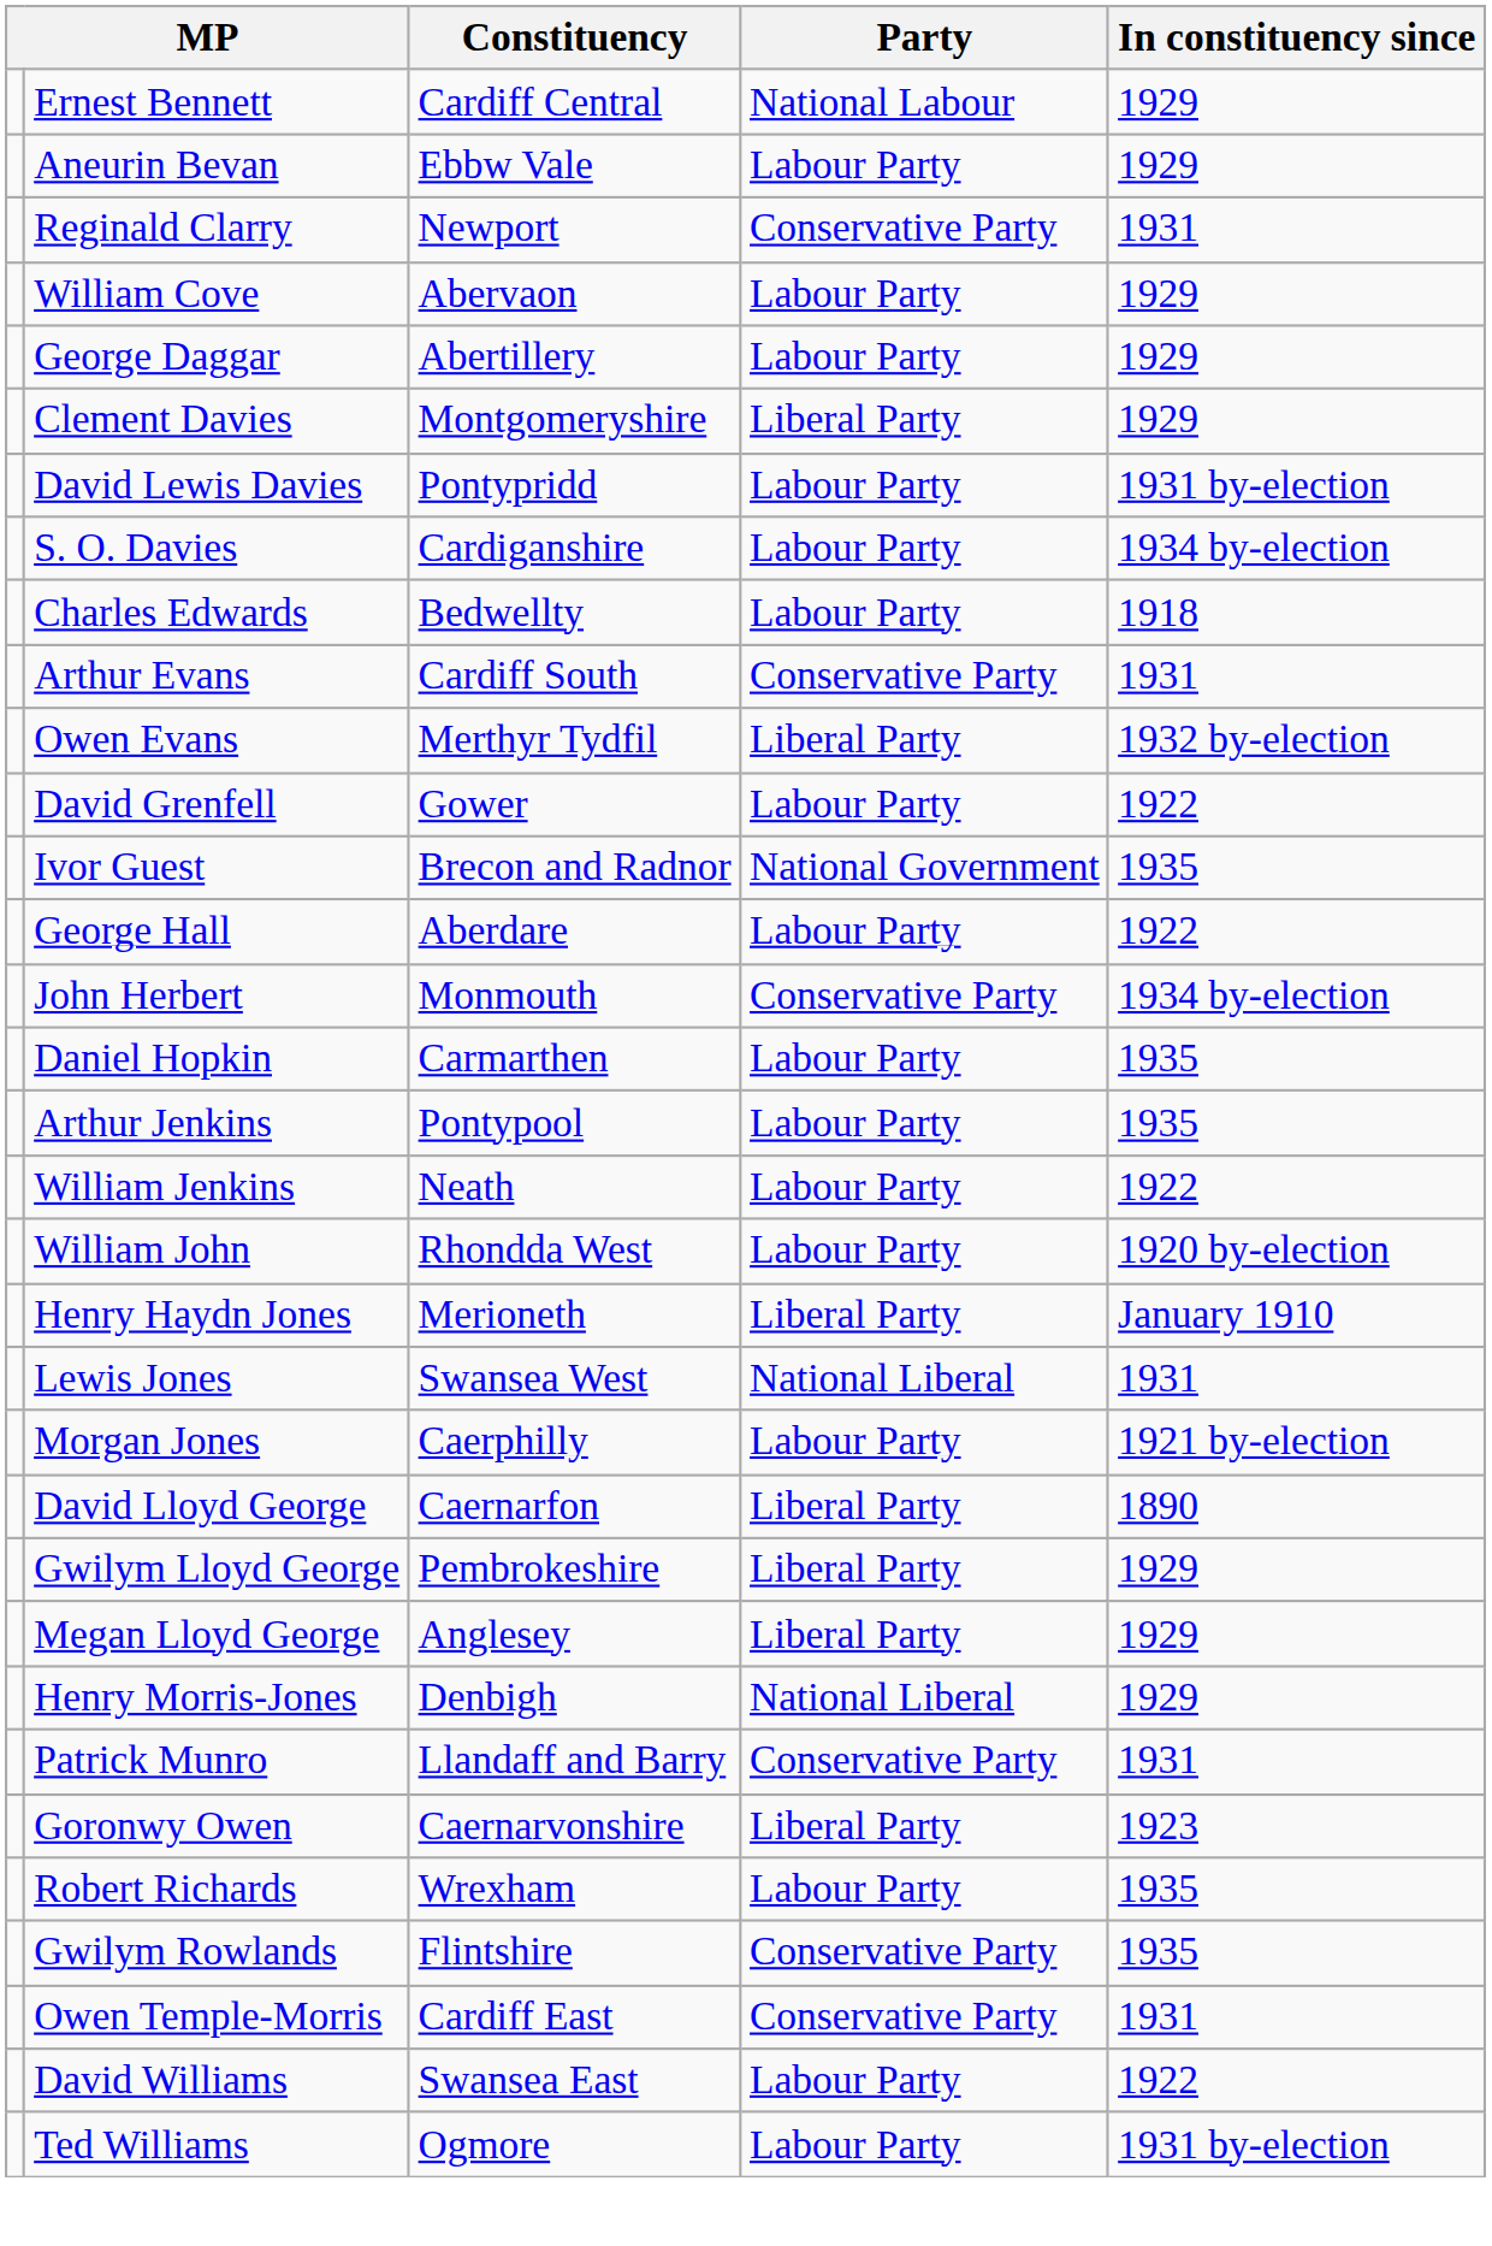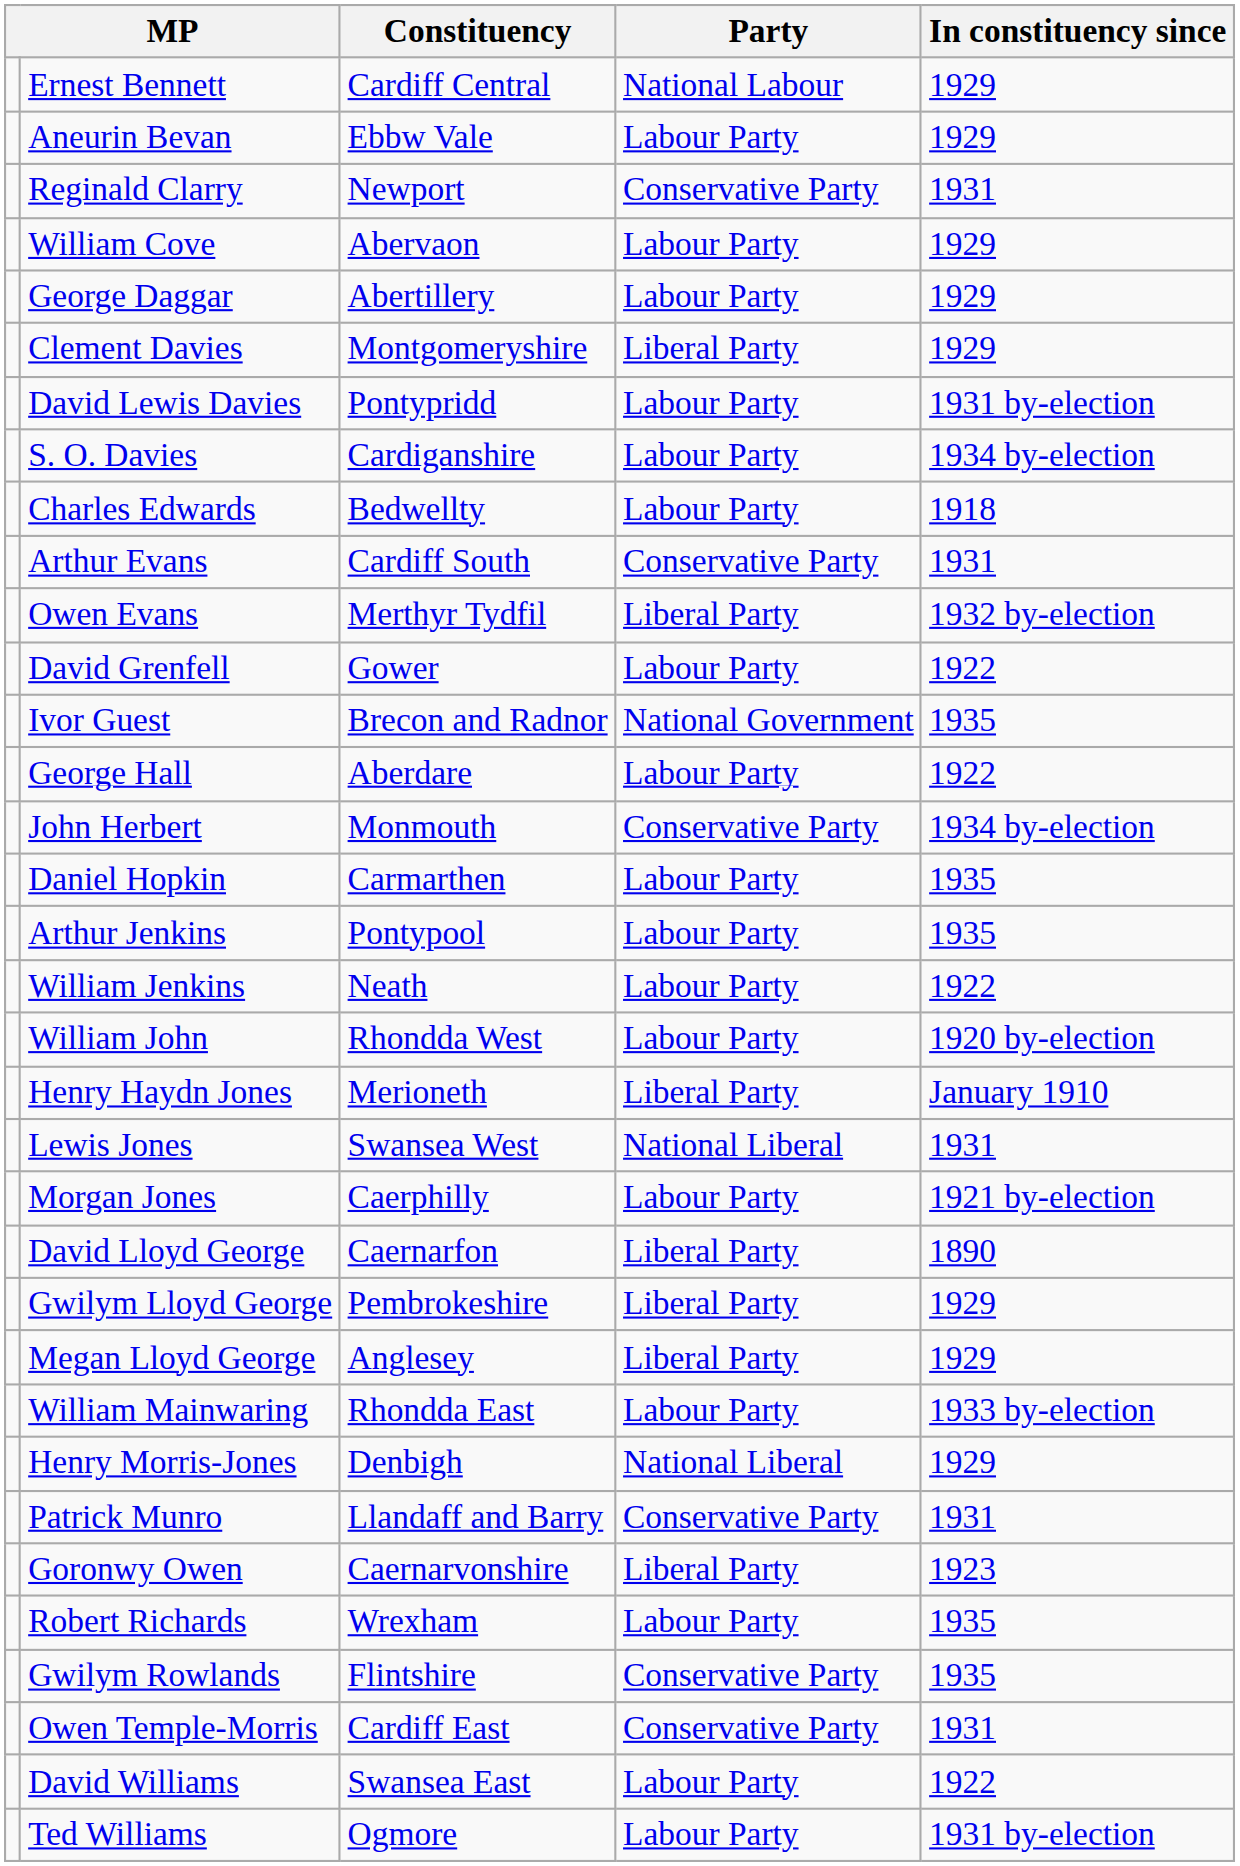 <table class="wikitable sortable">
 <tr>
 <th colspan="2">MP</th>
 <th>Constituency</th>
 <th>Party</th>
 <th>In constituency since</th>
 </tr>
 <tr>
 <td style="color:inherit;background-color: "></td>
 <td><a href='#'>Ernest Bennett</a></td>
 <td><a href='#'>Cardiff Central</a></td>
 <td><a href='#'>National Labour</a></td>
 <td><a href='#'>1929</a></td>
 </tr>
 <tr>
 <td style="color:inherit;background-color: "></td>
 <td><a href='#'>Aneurin Bevan</a></td>
 <td><a href='#'>Ebbw Vale</a></td>
 <td><a href='#'>Labour Party</a></td>
 <td><a href='#'>1929</a></td>
 </tr>
 <tr>
 <td style="color:inherit;background-color: "></td>
 <td><a href='#'>Reginald Clarry</a></td>
 <td><a href='#'>Newport</a></td>
 <td><a href='#'>Conservative Party</a></td>
 <td><a href='#'>1931</a></td>
 </tr>
 <tr>
 <td style="color:inherit;background-color: "></td>
 <td><a href='#'>William Cove</a></td>
 <td><a href='#'>Abervaon</a></td>
 <td><a href='#'>Labour Party</a></td>
 <td><a href='#'>1929</a></td>
 </tr>
 <tr>
 <td style="color:inherit;background-color: "></td>
 <td><a href='#'>George Daggar</a></td>
 <td><a href='#'>Abertillery</a></td>
 <td><a href='#'>Labour Party</a></td>
 <td><a href='#'>1929</a></td>
 </tr>
 <tr>
 <td style="color:inherit;background-color: "></td>
 <td><a href='#'>Clement Davies</a></td>
 <td><a href='#'>Montgomeryshire</a></td>
 <td><a href='#'>Liberal Party</a></td>
 <td><a href='#'>1929</a></td>
 </tr>
 <tr>
 <td style="color:inherit;background-color: "></td>
 <td><a href='#'>David Lewis Davies</a></td>
 <td><a href='#'>Pontypridd</a></td>
 <td><a href='#'>Labour Party</a></td>
 <td><a href='#'>1931 by-election</a></td>
 </tr>
 <tr>
 <td style="color:inherit;background-color: "></td>
 <td><a href='#'>S. O. Davies</a></td>
 <td><a href='#'>Cardiganshire</a></td>
 <td><a href='#'>Labour Party</a></td>
 <td><a href='#'>1934 by-election</a></td>
 </tr>
 <tr>
 <td style="color:inherit;background-color: "></td>
 <td><a href='#'>Charles Edwards</a></td>
 <td><a href='#'>Bedwellty</a></td>
 <td><a href='#'>Labour Party</a></td>
 <td><a href='#'>1918</a></td>
 </tr>
 <tr>
 <td style="color:inherit;background-color: "></td>
 <td><a href='#'>Arthur Evans</a></td>
 <td><a href='#'>Cardiff South</a></td>
 <td><a href='#'>Conservative Party</a></td>
 <td><a href='#'>1931</a></td>
 </tr>
 <tr>
 <td style="color:inherit;background-color: "></td>
 <td><a href='#'>Owen Evans</a></td>
 <td><a href='#'>Merthyr Tydfil</a></td>
 <td><a href='#'>Liberal Party</a></td>
 <td><a href='#'>1932 by-election</a></td>
 </tr>
 <tr>
 <td style="color:inherit;background-color: "></td>
 <td><a href='#'>David Grenfell</a></td>
 <td><a href='#'>Gower</a></td>
 <td><a href='#'>Labour Party</a></td>
 <td><a href='#'>1922</a></td>
 </tr>
 <tr>
 <td style="color:inherit;background-color: "></td>
 <td><a href='#'>Ivor Guest</a></td>
 <td><a href='#'>Brecon and Radnor</a></td>
 <td><a href='#'>National Government</a></td>
 <td><a href='#'>1935</a></td>
 </tr>
 <tr>
 <td style="color:inherit;background-color: "></td>
 <td><a href='#'>George Hall</a></td>
 <td><a href='#'>Aberdare</a></td>
 <td><a href='#'>Labour Party</a></td>
 <td><a href='#'>1922</a></td>
 </tr>
 <tr>
 <td style="color:inherit;background-color: "></td>
 <td><a href='#'>John Herbert</a></td>
 <td><a href='#'>Monmouth</a></td>
 <td><a href='#'>Conservative Party</a></td>
 <td><a href='#'>1934 by-election</a></td>
 </tr>
 <tr>
 <td style="color:inherit;background-color: "></td>
 <td><a href='#'>Daniel Hopkin</a></td>
 <td><a href='#'>Carmarthen</a></td>
 <td><a href='#'>Labour Party</a></td>
 <td><a href='#'>1935</a></td>
 </tr>
 <tr>
 <td style="color:inherit;background-color: "></td>
 <td><a href='#'>Arthur Jenkins</a></td>
 <td><a href='#'>Pontypool</a></td>
 <td><a href='#'>Labour Party</a></td>
 <td><a href='#'>1935</a></td>
 </tr>
 <tr>
 <td style="color:inherit;background-color: "></td>
 <td><a href='#'>William Jenkins</a></td>
 <td><a href='#'>Neath</a></td>
 <td><a href='#'>Labour Party</a></td>
 <td><a href='#'>1922</a></td>
 </tr>
 <tr>
 <td style="color:inherit;background-color: "></td>
 <td><a href='#'>William John</a></td>
 <td><a href='#'>Rhondda West</a></td>
 <td><a href='#'>Labour Party</a></td>
 <td><a href='#'>1920 by-election</a></td>
 </tr>
 <tr>
 <td style="color:inherit;background-color: "></td>
 <td><a href='#'>Henry Haydn Jones</a></td>
 <td><a href='#'>Merioneth</a></td>
 <td><a href='#'>Liberal Party</a></td>
 <td><a href='#'>January 1910</a></td>
 </tr>
 <tr>
 <td style="color:inherit;background-color: "></td>
 <td><a href='#'>Lewis Jones</a></td>
 <td><a href='#'>Swansea West</a></td>
 <td><a href='#'>National Liberal</a></td>
 <td><a href='#'>1931</a></td>
 </tr>
 <tr>
 <td style="color:inherit;background-color: "></td>
 <td><a href='#'>Morgan Jones</a></td>
 <td><a href='#'>Caerphilly</a></td>
 <td><a href='#'>Labour Party</a></td>
 <td><a href='#'>1921 by-election</a></td>
 </tr>
 <tr>
 <td style="color:inherit;background-color: "></td>
 <td><a href='#'>David Lloyd George</a></td>
 <td><a href='#'>Caernarfon</a></td>
 <td><a href='#'>Liberal Party</a></td>
 <td><a href='#'>1890</a></td>
 </tr>
 <tr>
 <td style="color:inherit;background-color: "></td>
 <td><a href='#'>Gwilym Lloyd George</a></td>
 <td><a href='#'>Pembrokeshire</a></td>
 <td><a href='#'>Liberal Party</a></td>
 <td><a href='#'>1929</a></td>
 </tr>
 <tr>
 <td style="color:inherit;background-color: "></td>
 <td><a href='#'>Megan Lloyd George</a></td>
 <td><a href='#'>Anglesey</a></td>
 <td><a href='#'>Liberal Party</a></td>
 <td><a href='#'>1929</a></td>
 </tr>
 <tr>
 <td style="color:inherit;background-color: "></td>
+<td><a href='#'>William Mainwaring</a></td>
+<td><a href='#'>Rhondda East</a></td>
+<td><a href='#'>Labour Party</a></td>
+<td><a href='#'>1933 by-election</a></td>
+</tr>
+<tr>
+<td style="color:inherit;background-color: "></td>
 <td><a href='#'>Henry Morris-Jones</a></td>
 <td><a href='#'>Denbigh</a></td>
 <td><a href='#'>National Liberal</a></td>
 <td><a href='#'>1929</a></td>
 </tr>
 <tr>
 <td style="color:inherit;background-color: "></td>
 <td><a href='#'>Patrick Munro</a></td>
 <td><a href='#'>Llandaff and Barry</a></td>
 <td><a href='#'>Conservative Party</a></td>
 <td><a href='#'>1931</a></td>
 </tr>
 <tr>
 <td style="color:inherit;background-color: "></td>
 <td><a href='#'>Goronwy Owen</a></td>
 <td><a href='#'>Caernarvonshire</a></td>
 <td><a href='#'>Liberal Party</a></td>
 <td><a href='#'>1923</a></td>
 </tr>
 <tr>
 <td style="color:inherit;background-color: "></td>
 <td><a href='#'>Robert Richards</a></td>
 <td><a href='#'>Wrexham</a></td>
 <td><a href='#'>Labour Party</a></td>
 <td><a href='#'>1935</a></td>
 </tr>
 <tr>
 <td style="color:inherit;background-color: "></td>
 <td><a href='#'>Gwilym Rowlands</a></td>
 <td><a href='#'>Flintshire</a></td>
 <td><a href='#'>Conservative Party</a></td>
 <td><a href='#'>1935</a></td>
 </tr>
 <tr>
 <td style="color:inherit;background-color: "></td>
 <td><a href='#'>Owen Temple-Morris</a></td>
 <td><a href='#'>Cardiff East</a></td>
 <td><a href='#'>Conservative Party</a></td>
 <td><a href='#'>1931</a></td>
 </tr>
 <tr>
 <td style="color:inherit;background-color: "></td>
 <td><a href='#'>David Williams</a></td>
 <td><a href='#'>Swansea East</a></td>
 <td><a href='#'>Labour Party</a></td>
 <td><a href='#'>1922</a></td>
 </tr>
 <tr>
 <td style="color:inherit;background-color: "></td>
 <td><a href='#'>Ted Williams</a></td>
 <td><a href='#'>Ogmore</a></td>
 <td><a href='#'>Labour Party</a></td>
 <td><a href='#'>1931 by-election</a></td>
 </tr>
 </table>
